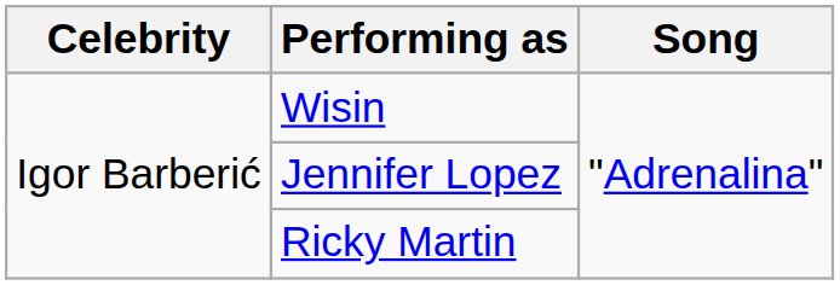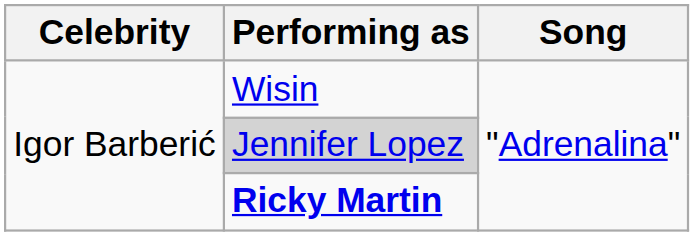 <table class="wikitable">
 <tr>
 <th>Celebrity</th>
 <th>Performing as</th>
 <th>Song</th>
 </tr>
 <tr>
 <td rowspan="3">Igor Barberić</td>
 <td><a href='#'>Wisin</a></td>
 <td rowspan="3">"<a href='#'>Adrenalina</a>"</td>
 </tr>
 <tr>
-<td><a href='#'>Jennifer Lopez</a></td>
+<td style="background: lightgrey;"><a href='#'>Jennifer Lopez</a></td>
 </tr>
 <tr>
-<td><a href='#'>Ricky Martin</a></td>
+<td><strong><a href='#'>Ricky Martin</a></strong></td>
 </tr>
 </table>
